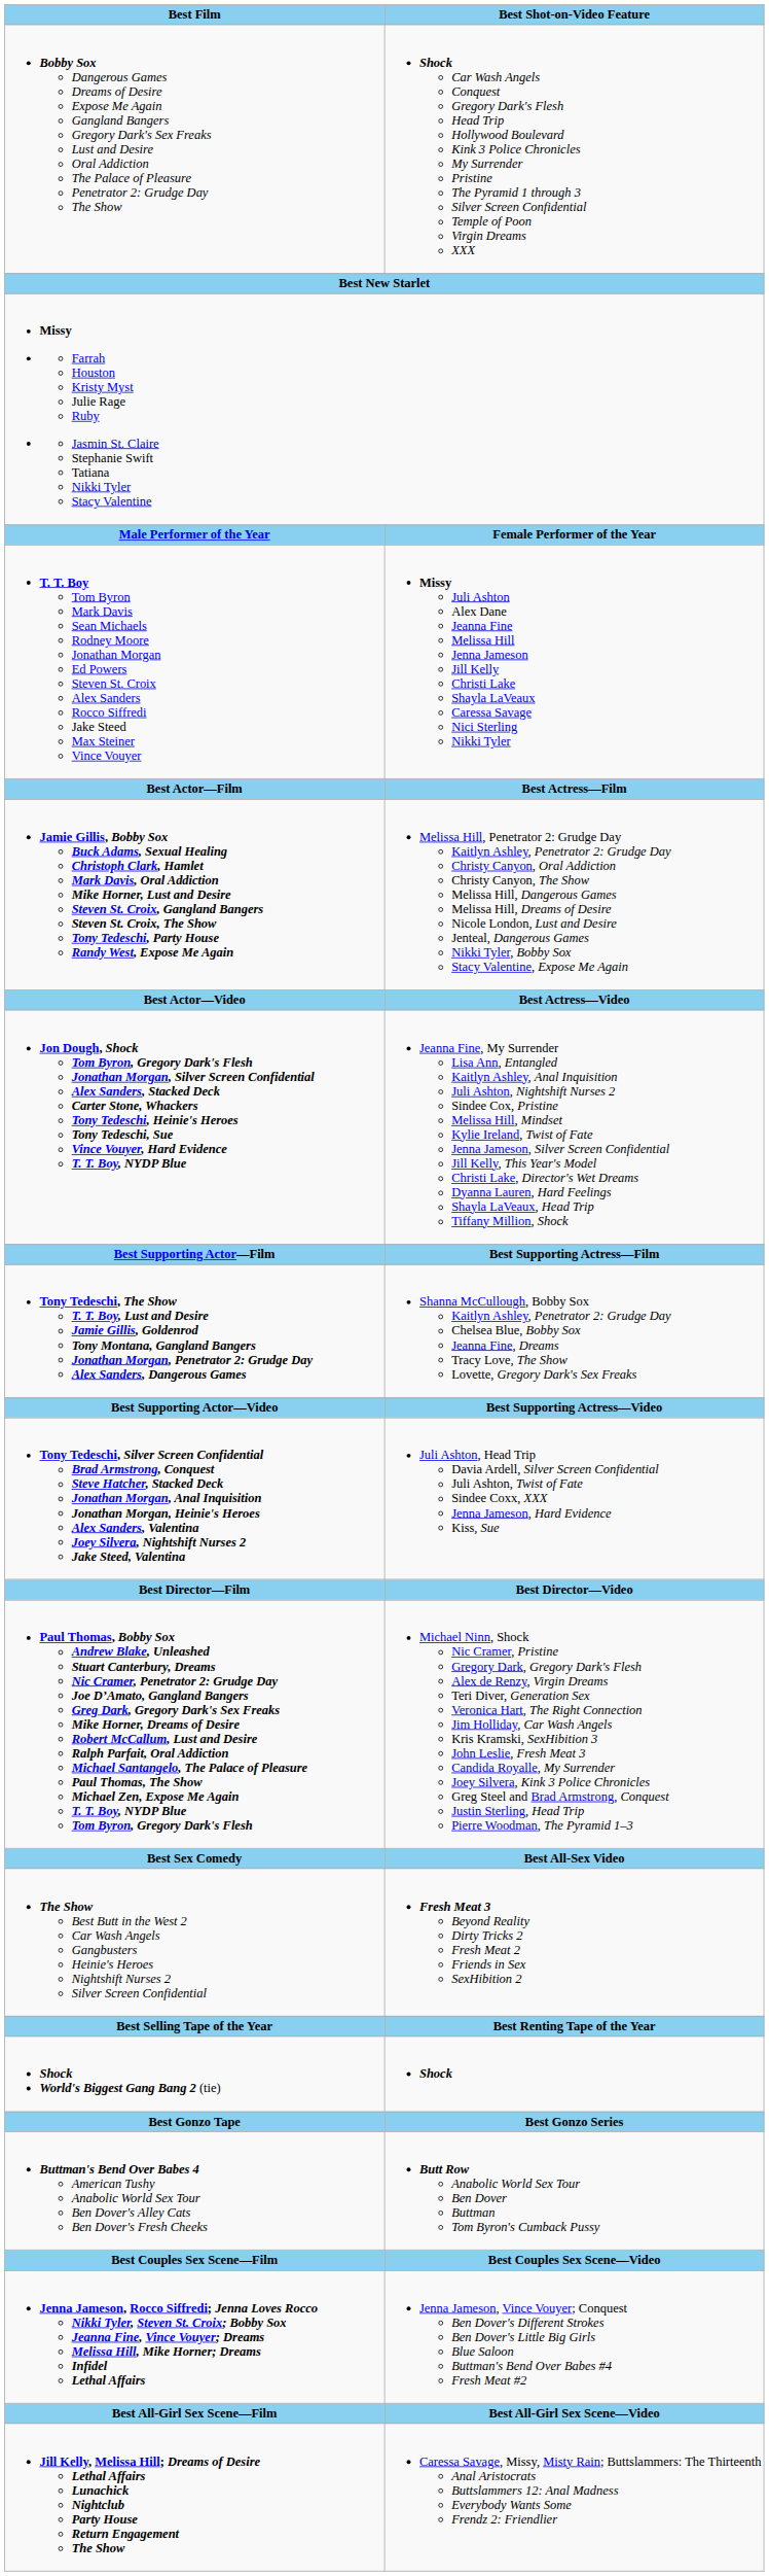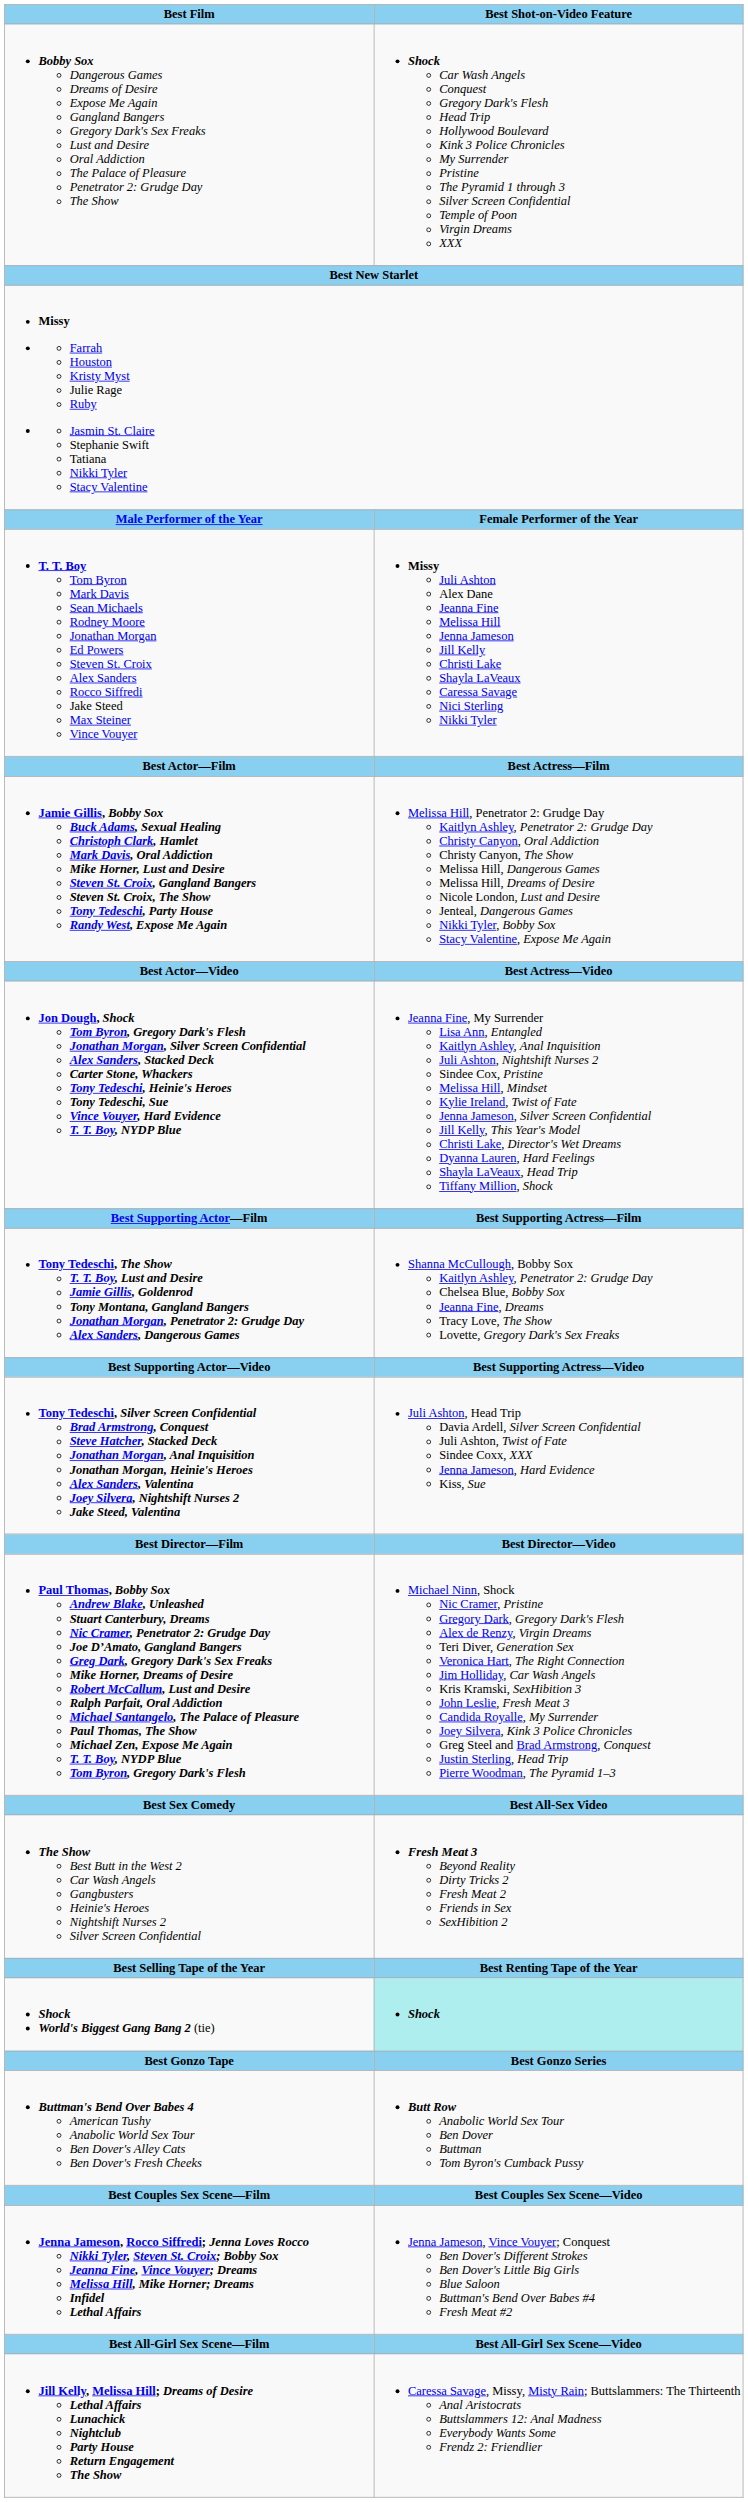 <table class=wikitable>
 <tr>
 <th style="background:#89cff0" width="50%">Best Film</th>
 <th style="background:#89cff0" width="50%">Best Shot-on-Video Feature</th>
 </tr>
 <tr>
 <td valign="top"><br><ul><li><strong><em>Bobby Sox</em></strong><ul><li><em>Dangerous Games</em></li><li><em>Dreams of Desire</em></li><li><em>Expose Me Again</em></li><li><em>Gangland Bangers</em></li><li><em>Gregory Dark's Sex Freaks</em></li><li><em>Lust and Desire</em></li><li><em>Oral Addiction</em></li><li><em>The Palace of Pleasure</em></li><li><em>Penetrator 2: Grudge Day</em></li><li><em>The Show</em></li></ul></li></ul></td>
 <td valign="top"><br><ul><li><strong><em>Shock</em></strong><ul><li><em>Car Wash Angels</em></li><li><em>Conquest</em></li><li><em>Gregory Dark's Flesh</em></li><li><em>Head Trip</em></li><li><em>Hollywood Boulevard</em></li><li><em>Kink 3 Police Chronicles</em></li><li><em>My Surrender</em></li><li><em>Pristine</em></li><li><em>The Pyramid 1 through 3</em></li><li><em>Silver Screen Confidential</em></li><li><em>Temple of Poon</em></li><li><em>Virgin Dreams</em></li><li><em>XXX</em></li></ul></li></ul></td>
 </tr>
 <tr>
 <th colspan="2" style="background:#89cff0">Best New Starlet</th>
 </tr>
 <tr>
 <td colspan="2" valign="top"><br><ul><li><strong>Missy</strong></li></ul> <ul><li><ul><li><a href='#'>Farrah</a></li><li><a href='#'>Houston</a></li><li><a href='#'>Kristy Myst</a></li><li>Julie Rage</li><li><a href='#'>Ruby</a></li></ul></li></ul><ul><li><ul><li><a href='#'>Jasmin St. Claire</a></li><li>Stephanie Swift</li><li>Tatiana</li><li><a href='#'>Nikki Tyler</a></li><li><a href='#'>Stacy Valentine</a></li></ul></li></ul></td>
 </tr>
 <tr>
 <th style="background:#89cff0" width="50%"><a href='#'>Male Performer of the Year</a></th>
 <th style="background:#89cff0" width="50%">Female Performer of the Year</th>
 </tr>
 <tr>
 <td valign="top"><br><ul><li><strong><a href='#'>T. T. Boy</a></strong><ul><li><a href='#'>Tom Byron</a></li><li><a href='#'>Mark Davis</a></li><li><a href='#'>Sean Michaels</a></li><li><a href='#'>Rodney Moore</a></li><li><a href='#'>Jonathan Morgan</a></li><li><a href='#'>Ed Powers</a></li><li><a href='#'>Steven St. Croix</a></li><li><a href='#'>Alex Sanders</a></li><li><a href='#'>Rocco Siffredi</a></li><li>Jake Steed</li><li><a href='#'>Max Steiner</a></li><li><a href='#'>Vince Vouyer</a></li></ul></li></ul></td>
 <td valign="top"><br><ul><li><strong>Missy</strong><ul><li><a href='#'>Juli Ashton</a></li><li>Alex Dane</li><li><a href='#'>Jeanna Fine</a></li><li><a href='#'>Melissa Hill</a></li><li><a href='#'>Jenna Jameson</a></li><li><a href='#'>Jill Kelly</a></li><li><a href='#'>Christi Lake</a></li><li><a href='#'>Shayla LaVeaux</a></li><li><a href='#'>Caressa Savage</a></li><li><a href='#'>Nici Sterling</a></li><li><a href='#'>Nikki Tyler</a></li></ul></li></ul></td>
 </tr>
 <tr>
 <th style="background:#89cff0" width="50%">Best Actor—Film</th>
 <th style="background:#89cff0" width="50%">Best Actress—Film</th>
 </tr>
 <tr>
 <td valign="top"><br><ul><li><strong><a href='#'>Jamie Gillis</a>, <em>Bobby Sox<strong><em><ul><li><a href='#'>Buck Adams</a>, </em>Sexual Healing<em></li><li><a href='#'>Christoph Clark</a>, </em>Hamlet<em></li><li><a href='#'>Mark Davis</a>, </em>Oral Addiction<em></li><li>Mike Horner, </em>Lust and Desire<em></li><li><a href='#'>Steven St. Croix</a>, </em>Gangland Bangers<em></li><li>Steven St. Croix, </em>The Show<em></li><li><a href='#'>Tony Tedeschi</a>, </em>Party House<em></li><li><a href='#'>Randy West</a>, </em>Expose Me Again<em></li></ul></li></ul></td>
 <td valign="top"><br><ul><li></strong><a href='#'>Melissa Hill</a>, </em>Penetrator 2: Grudge Day</em></strong><ul><li><a href='#'>Kaitlyn Ashley</a>, <em>Penetrator 2: Grudge Day</em></li><li><a href='#'>Christy Canyon</a>, <em>Oral Addiction</em></li><li>Christy Canyon, <em>The Show</em></li><li>Melissa Hill, <em>Dangerous Games</em></li><li>Melissa Hill, <em>Dreams of Desire</em></li><li>Nicole London, <em>Lust and Desire</em></li><li>Jenteal, <em>Dangerous Games</em></li><li><a href='#'>Nikki Tyler</a>, <em>Bobby Sox</em></li><li><a href='#'>Stacy Valentine</a>, <em>Expose Me Again</em></li></ul></li></ul></td>
 </tr>
 <tr>
 <th style="background:#89cff0" width="50%">Best Actor—Video</th>
 <th style="background:#89cff0" width="50%">Best Actress—Video</th>
 </tr>
 <tr>
 <td valign="top"><br><ul><li><strong><a href='#'>Jon Dough</a>, <em>Shock<strong><em><ul><li><a href='#'>Tom Byron</a>, </em>Gregory Dark's Flesh<em></li><li><a href='#'>Jonathan Morgan</a>, </em>Silver Screen Confidential<em></li><li><a href='#'>Alex Sanders</a>, </em>Stacked Deck<em></li><li>Carter Stone, </em>Whackers<em></li><li><a href='#'>Tony Tedeschi</a>, </em>Heinie's Heroes<em></li><li>Tony Tedeschi, </em>Sue<em></li><li><a href='#'>Vince Vouyer</a>, </em>Hard Evidence<em></li><li><a href='#'>T. T. Boy</a>, </em>NYDP Blue<em></li></ul></li></ul></td>
 <td valign="top"><br><ul><li></strong><a href='#'>Jeanna Fine</a>, </em>My Surrender</em></strong><ul><li><a href='#'>Lisa Ann</a>, <em>Entangled</em></li><li><a href='#'>Kaitlyn Ashley</a>, <em>Anal Inquisition</em></li><li><a href='#'>Juli Ashton</a>, <em>Nightshift Nurses 2</em></li><li>Sindee Cox, <em>Pristine</em></li><li><a href='#'>Melissa Hill</a>, <em>Mindset</em></li><li><a href='#'>Kylie Ireland</a>, <em>Twist of Fate</em></li><li><a href='#'>Jenna Jameson</a>, <em>Silver Screen Confidential</em></li><li><a href='#'>Jill Kelly</a>, <em>This Year's Model</em></li><li><a href='#'>Christi Lake</a>, <em>Director's Wet Dreams</em></li><li><a href='#'>Dyanna Lauren</a>, <em>Hard Feelings</em></li><li><a href='#'>Shayla LaVeaux</a>, <em>Head Trip</em></li><li><a href='#'>Tiffany Million</a>, <em>Shock</em></li></ul></li></ul></td>
 </tr>
 <tr>
 <th style="background:#89cff0" width="50%"><a href='#'>Best Supporting Actor</a>—Film</th>
 <th style="background:#89cff0" width="50%">Best Supporting Actress—Film</th>
 </tr>
 <tr>
 <td valign="top"><br><ul><li><strong><a href='#'>Tony Tedeschi</a>, <em>The Show<strong><em><ul><li><a href='#'>T. T. Boy</a>, </em>Lust and Desire<em></li><li><a href='#'>Jamie Gillis</a>, </em>Goldenrod<em></li><li>Tony Montana, </em>Gangland Bangers<em></li><li><a href='#'>Jonathan Morgan</a>, </em>Penetrator 2: Grudge Day<em></li><li><a href='#'>Alex Sanders</a>, </em>Dangerous Games<em></li></ul></li></ul></td>
 <td valign="top"><br><ul><li></strong><a href='#'>Shanna McCullough</a>, </em>Bobby Sox</em></strong><ul><li><a href='#'>Kaitlyn Ashley</a>, <em>Penetrator 2: Grudge Day</em></li><li>Chelsea Blue, <em>Bobby Sox</em></li><li><a href='#'>Jeanna Fine</a>, <em>Dreams</em></li><li>Tracy Love, <em>The Show</em></li><li>Lovette, <em>Gregory Dark's Sex Freaks</em></li></ul></li></ul></td>
 </tr>
 <tr>
 <th style="background:#89cff0" width="50%">Best Supporting Actor—Video</th>
 <th style="background:#89cff0" width="50%">Best Supporting Actress—Video</th>
 </tr>
 <tr>
 <td valign="top"><br><ul><li><strong><a href='#'>Tony Tedeschi</a>, <em>Silver Screen Confidential<strong><em><ul><li><a href='#'>Brad Armstrong</a>, </em>Conquest<em></li><li><a href='#'>Steve Hatcher</a>, </em>Stacked Deck<em></li><li><a href='#'>Jonathan Morgan</a>, </em>Anal Inquisition<em></li><li>Jonathan Morgan, </em>Heinie's Heroes<em></li><li><a href='#'>Alex Sanders</a>, </em>Valentina<em></li><li><a href='#'>Joey Silvera</a>, </em>Nightshift Nurses 2<em></li><li>Jake Steed, </em>Valentina<em></li></ul></li></ul></td>
 <td valign="top"><br><ul><li></strong><a href='#'>Juli Ashton</a>, </em>Head Trip</em></strong><ul><li>Davia Ardell, <em>Silver Screen Confidential</em></li><li>Juli Ashton, <em>Twist of Fate</em></li><li>Sindee Coxx, <em>XXX</em></li><li><a href='#'>Jenna Jameson</a>, <em>Hard Evidence</em></li><li>Kiss, <em>Sue</em></li></ul></li></ul></td>
 </tr>
 <tr>
 <th style="background:#89cff0" width="50%">Best Director—Film</th>
 <th style="background:#89cff0" width="50%">Best Director—Video</th>
 </tr>
 <tr>
 <td valign="top"><br><ul><li><strong><a href='#'>Paul Thomas</a>, <em>Bobby Sox<strong><em><ul><li><a href='#'>Andrew Blake</a>, </em>Unleashed<em></li><li>Stuart Canterbury, </em>Dreams<em></li><li><a href='#'>Nic Cramer</a>, </em>Penetrator 2: Grudge Day<em></li><li>Joe D’Amato, </em>Gangland Bangers<em></li><li><a href='#'>Greg Dark</a>, </em>Gregory Dark's Sex Freaks<em></li><li>Mike Horner, </em>Dreams of Desire<em></li><li><a href='#'>Robert McCallum</a>, </em>Lust and Desire<em></li><li>Ralph Parfait, </em>Oral Addiction<em></li><li><a href='#'>Michael Santangelo</a>, </em>The Palace of Pleasure<em></li><li>Paul Thomas, </em>The Show<em></li><li>Michael Zen, </em>Expose Me Again<em></li><li><a href='#'>T. T. Boy</a>, </em>NYDP Blue<em></li><li><a href='#'>Tom Byron</a>, </em>Gregory Dark's Flesh<em></li></ul></li></ul></td>
 <td valign="top"><br><ul><li></strong><a href='#'>Michael Ninn</a>, </em>Shock</em></strong><ul><li><a href='#'>Nic Cramer</a>, <em>Pristine</em></li><li><a href='#'>Gregory Dark</a>, <em>Gregory Dark's Flesh</em></li><li><a href='#'>Alex de Renzy</a>, <em>Virgin Dreams</em></li><li>Teri Diver, <em>Generation Sex</em></li><li><a href='#'>Veronica Hart</a>, <em>The Right Connection</em></li><li><a href='#'>Jim Holliday</a>, <em>Car Wash Angels</em></li><li>Kris Kramski, <em>SexHibition 3</em></li><li><a href='#'>John Leslie</a>, <em>Fresh Meat 3</em></li><li><a href='#'>Candida Royalle</a>, <em>My Surrender</em></li><li><a href='#'>Joey Silvera</a>, <em>Kink 3 Police Chronicles</em></li><li>Greg Steel and <a href='#'>Brad Armstrong</a>, <em>Conquest</em></li><li><a href='#'>Justin Sterling</a>, <em>Head Trip</em></li><li><a href='#'>Pierre Woodman</a>, <em>The Pyramid 1–3</em></li></ul></li></ul></td>
 </tr>
 <tr>
 <th style="background:#89cff0" width="50%">Best Sex Comedy</th>
 <th style="background:#89cff0" width="50%">Best All-Sex Video</th>
 </tr>
 <tr>
 <td valign="top"><br><ul><li><strong><em>The Show</em></strong><ul><li><em>Best Butt in the West 2</em></li><li><em>Car Wash Angels</em></li><li><em>Gangbusters</em></li><li><em>Heinie's Heroes</em></li><li><em>Nightshift Nurses 2</em></li><li><em>Silver Screen Confidential</em></li></ul></li></ul></td>
 <td valign="top"><br><ul><li><strong><em>Fresh Meat 3</em></strong><ul><li><em>Beyond Reality</em></li><li><em>Dirty Tricks 2</em></li><li><em>Fresh Meat 2</em></li><li><em>Friends in Sex</em></li><li><em>SexHibition 2</em></li></ul></li></ul></td>
 </tr>
 <tr>
 <th style="background:#89cff0" width="50%">Best Selling Tape of the Year</th>
 <th style="background:#89cff0" width="50%">Best Renting Tape of the Year</th>
 </tr>
 <tr>
 <td valign="top"><br><ul><li><strong><em>Shock</em></strong></li><li><strong><em>World's Biggest Gang Bang 2</em></strong> (tie)</li></ul></td>
-<td valign="top"><br><ul><li><strong><em>Shock</em></strong></li></ul></td>
+<td valign="top" style="background: paleturquoise;"><br><ul><li><strong><em>Shock</em></strong></li></ul></td>
 </tr>
 <tr>
 <th style="background:#89cff0" width="50%">Best Gonzo Tape</th>
 <th style="background:#89cff0" width="50%">Best Gonzo Series</th>
 </tr>
 <tr>
 <td valign="top"><br><ul><li><strong><em>Buttman's Bend Over Babes 4</em></strong><ul><li><em>American Tushy</em></li><li><em>Anabolic World Sex Tour</em></li><li><em>Ben Dover's Alley Cats</em></li><li><em>Ben Dover's Fresh Cheeks</em></li></ul></li></ul></td>
 <td valign="top"><br><ul><li><strong><em>Butt Row</em></strong><ul><li><em>Anabolic World Sex Tour</em></li><li><em>Ben Dover</em></li><li><em>Buttman</em></li><li><em>Tom Byron's Cumback Pussy</em></li></ul></li></ul></td>
 </tr>
 <tr>
 <th style="background:#89cff0" width="50%">Best Couples Sex Scene—Film</th>
 <th style="background:#89cff0" width="50%">Best Couples Sex Scene—Video</th>
 </tr>
 <tr>
 <td valign="top"><br><ul><li><strong><a href='#'>Jenna Jameson</a>, <a href='#'>Rocco Siffredi</a>; <em>Jenna Loves Rocco<strong><em><ul><li><a href='#'>Nikki Tyler</a>, <a href='#'>Steven St. Croix</a>; </em>Bobby Sox<em></li><li><a href='#'>Jeanna Fine</a>, <a href='#'>Vince Vouyer</a>; </em>Dreams<em></li><li><a href='#'>Melissa Hill</a>, Mike Horner; </em>Dreams<em></li><li></em>Infidel<em></li><li></em>Lethal Affairs<em></li></ul></li></ul></td>
 <td valign="top"><br><ul><li></strong><a href='#'>Jenna Jameson</a>, <a href='#'>Vince Vouyer</a>; </em>Conquest</em></strong><ul><li><em>Ben Dover's Different Strokes</em></li><li><em>Ben Dover's Little Big Girls</em></li><li><em>Blue Saloon</em></li><li><em>Buttman's Bend Over Babes #4</em></li><li><em>Fresh Meat #2</em></li></ul></li></ul></td>
 </tr>
 <tr>
 <th style="background:#89cff0" width="50%">Best All-Girl Sex Scene—Film</th>
 <th style="background:#89cff0" width="50%">Best All-Girl Sex Scene—Video</th>
 </tr>
 <tr>
 <td valign="top"><br><ul><li><strong><a href='#'>Jill Kelly</a>, <a href='#'>Melissa Hill</a>; <em>Dreams of Desire<strong><em><ul><li></em>Lethal Affairs<em></li><li></em>Lunachick<em></li><li></em>Nightclub<em></li><li></em>Party House<em></li><li></em>Return Engagement<em></li><li></em>The Show<em></li></ul></li></ul></td>
 <td valign="top"><br><ul><li></strong><a href='#'>Caressa Savage</a>, Missy, <a href='#'>Misty Rain</a>; </em>Buttslammers: The Thirteenth</em></strong><ul><li><em>Anal Aristocrats</em></li><li><em>Buttslammers 12: Anal Madness</em></li><li><em>Everybody Wants Some</em></li><li><em>Frendz 2: Friendlier</em></li></ul></li></ul></td>
 </tr>
 </table>
